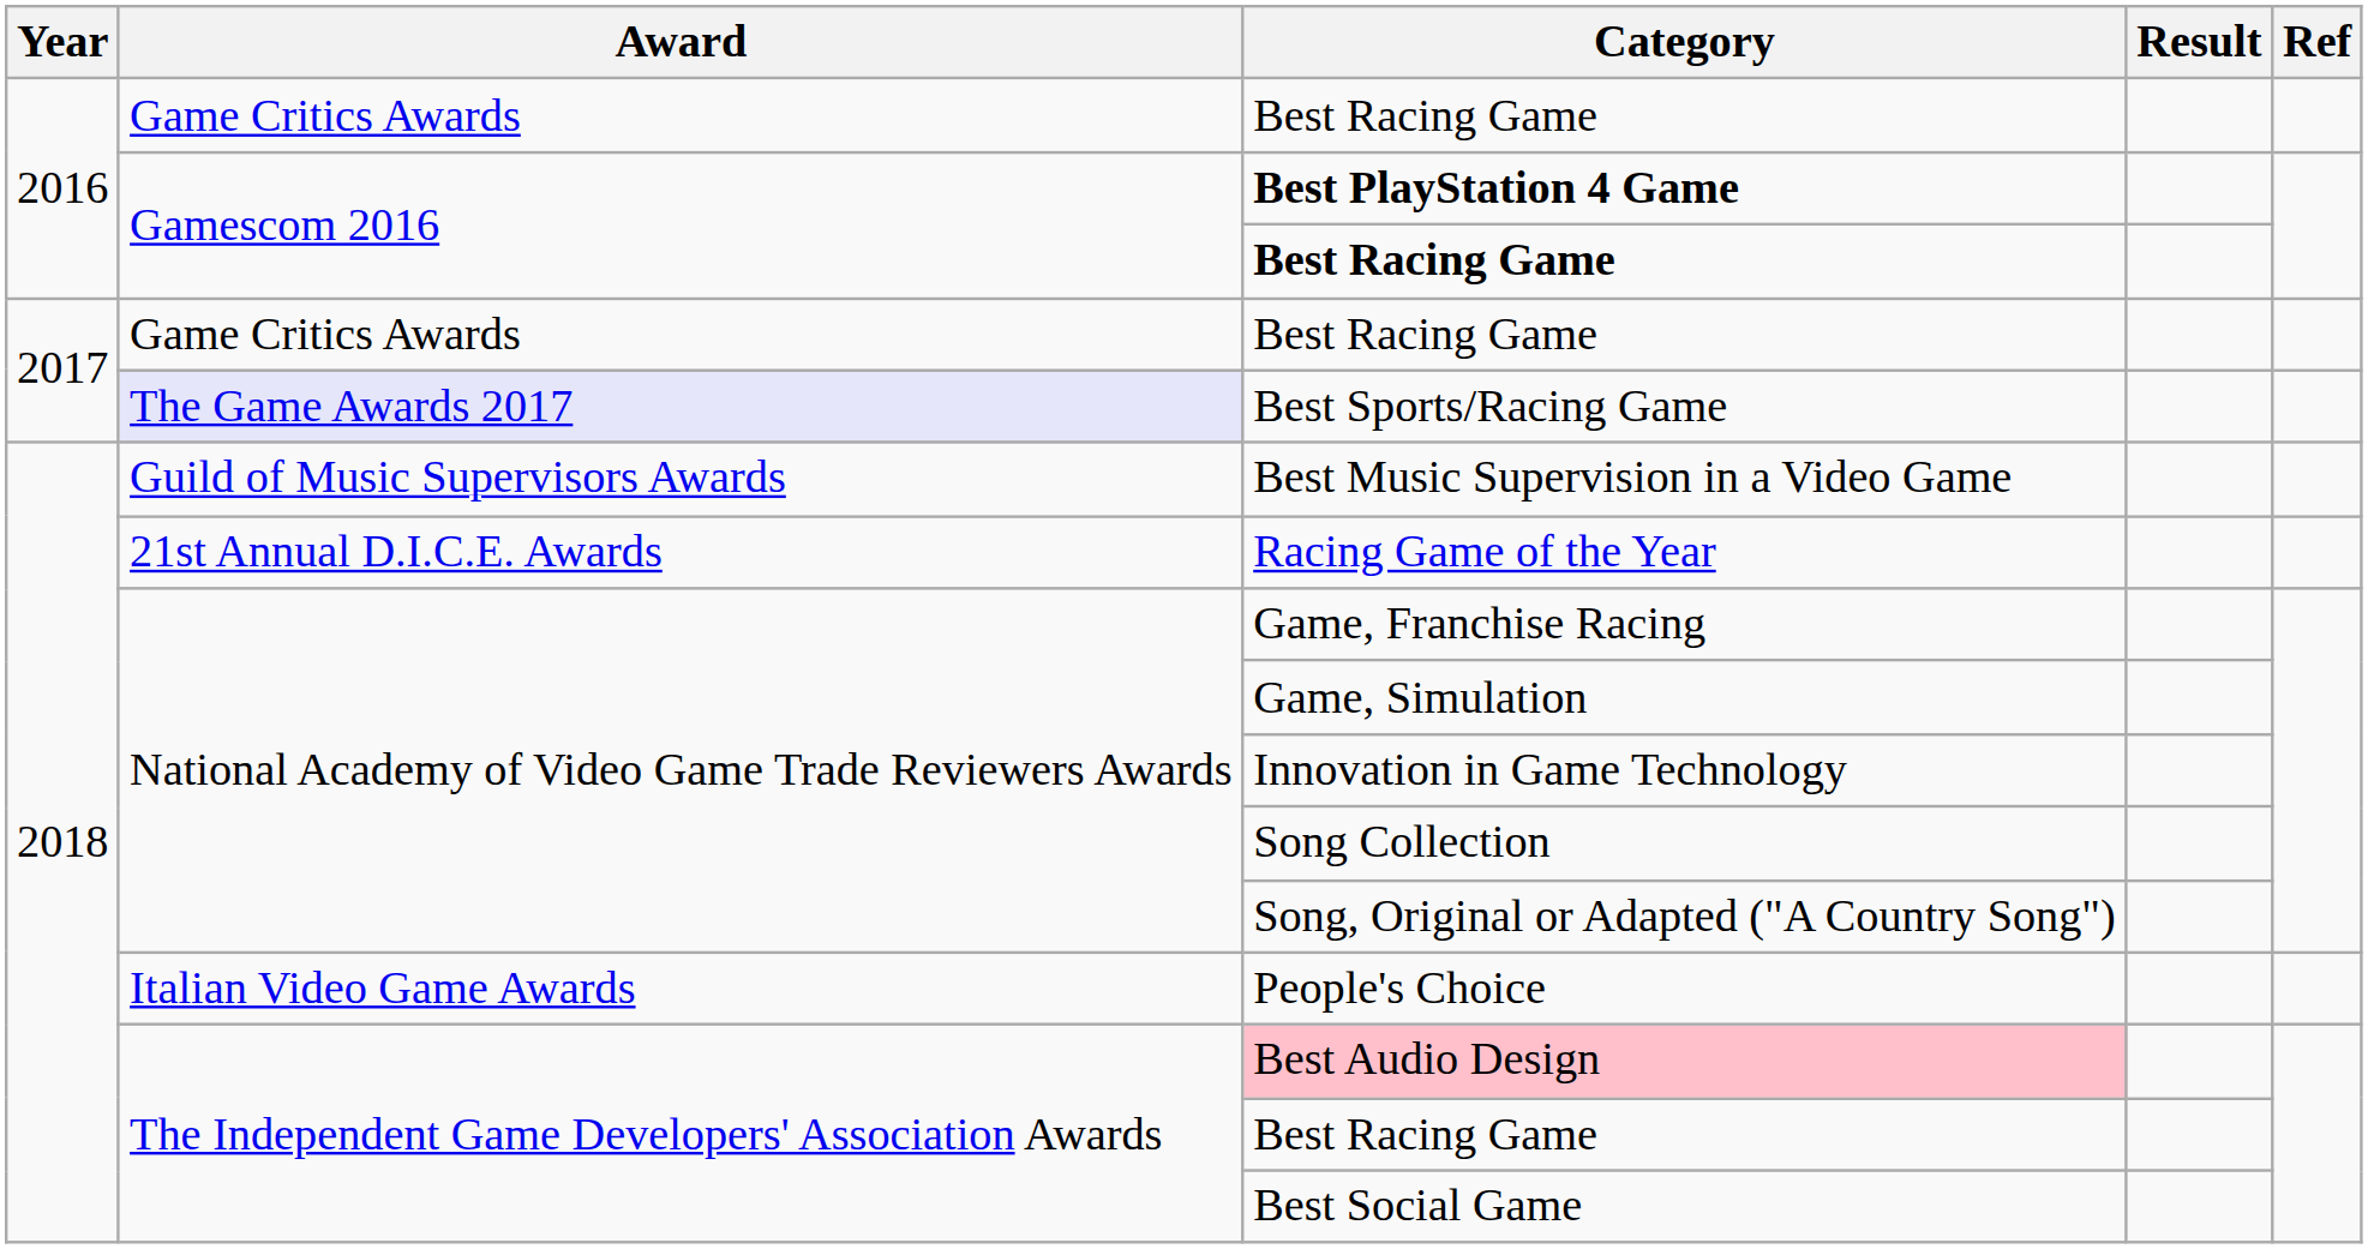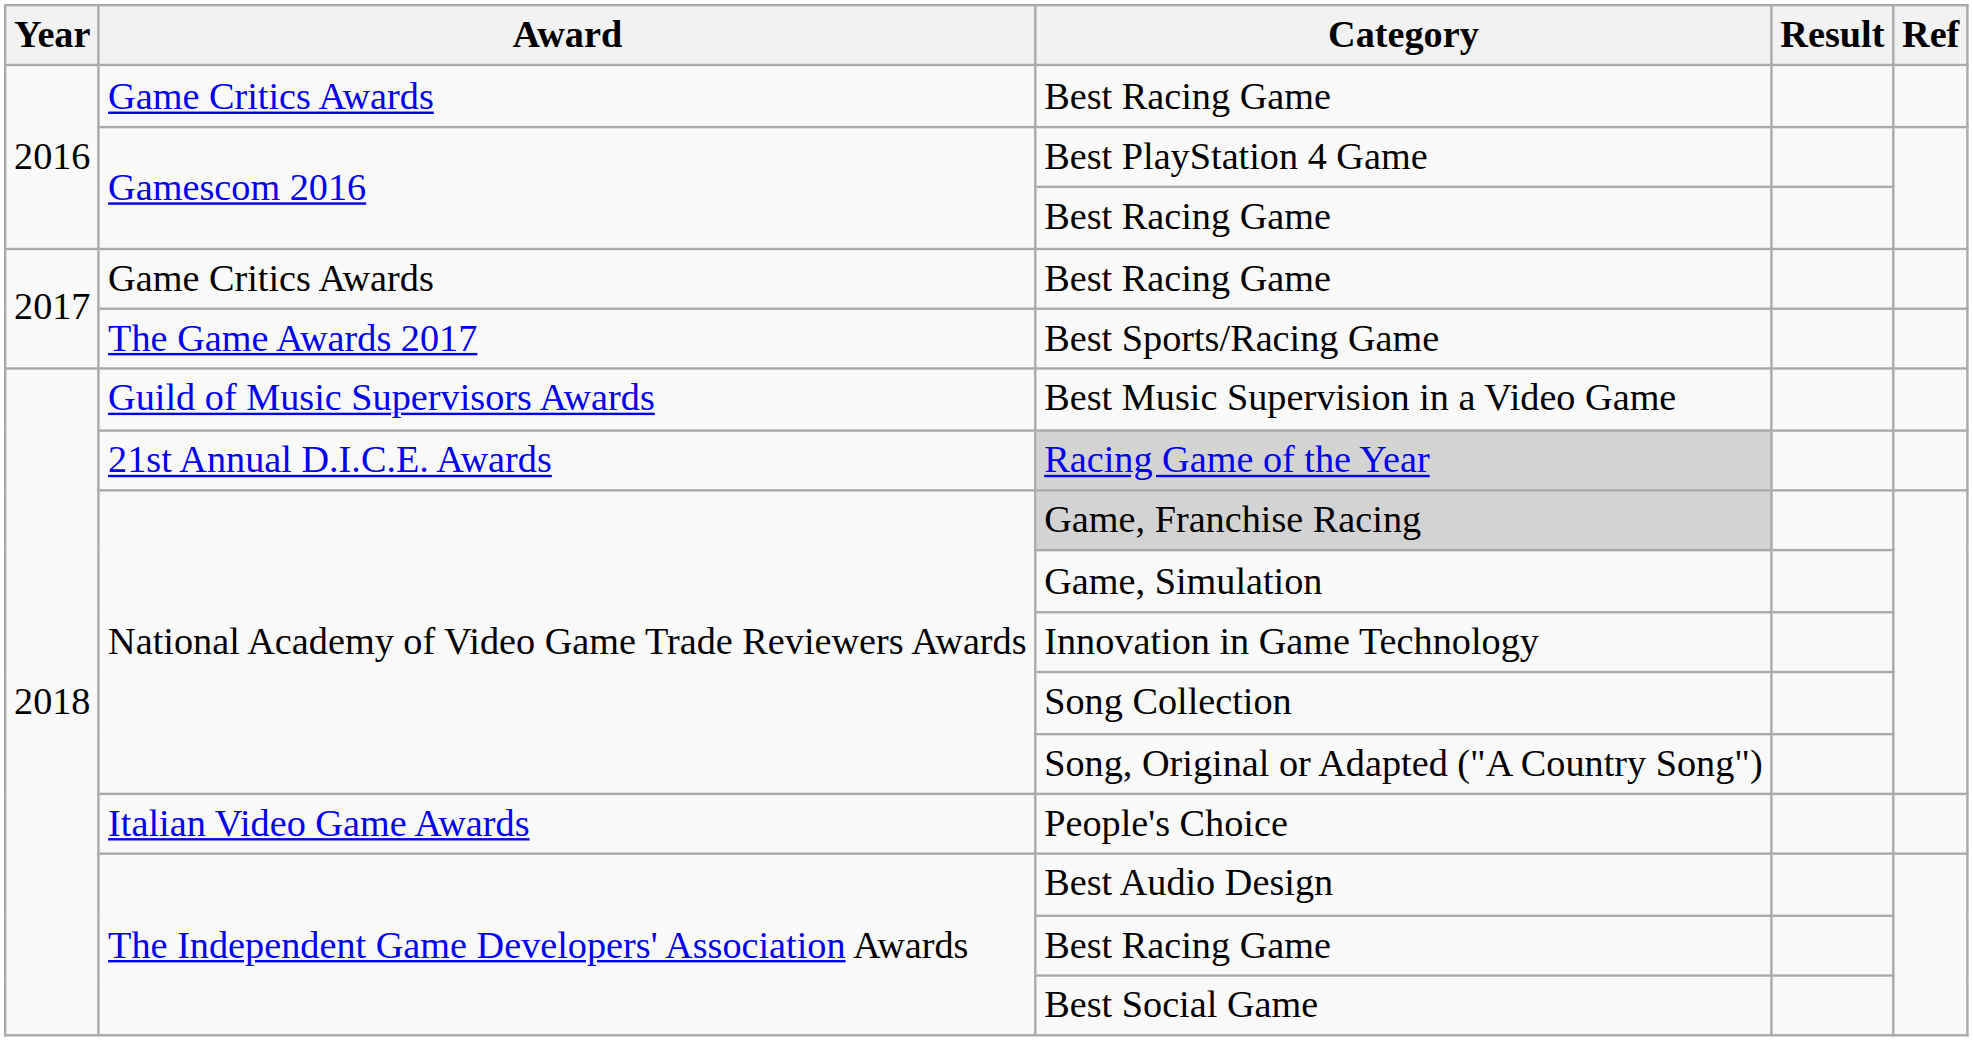 <table class="wikitable sortable">
 <tr>
 <th>Year</th>
 <th>Award</th>
 <th>Category</th>
 <th>Result</th>
 <th>Ref</th>
 </tr>
 <tr>
 <td style="text-align:center;" rowspan="3">2016</td>
 <td rowspan="1"><a href='#'>Game Critics Awards</a></td>
 <td>Best Racing Game</td>
 <td></td>
 <td rowspan="1" style="text-align:center;"></td>
 </tr>
 <tr>
 <td rowspan="2"><a href='#'>Gamescom 2016</a></td>
-<td><strong>Best PlayStation 4 Game</strong></td>
+<td>Best PlayStation 4 Game</td>
 <td></td>
 <td rowspan="2" style="text-align:center;"></td>
 </tr>
 <tr>
-<td><strong>Best Racing Game</strong></td>
+<td>Best Racing Game</td>
 <td></td>
 </tr>
 <tr>
 <td style="text-align:center;" rowspan="2">2017</td>
 <td rowspan="1">Game Critics Awards</td>
 <td>Best Racing Game</td>
 <td></td>
 <td rowspan="1" style="text-align:center;"></td>
 </tr>
 <tr>
-<td rowspan="1" style="background: lavender;"><a href='#'>The Game Awards 2017</a></td>
+<td rowspan="1"><a href='#'>The Game Awards 2017</a></td>
 <td>Best Sports/Racing Game</td>
 <td></td>
 <td rowspan="1" style="text-align:center;"></td>
 </tr>
 <tr>
 <td style="text-align:center;" rowspan="11">2018</td>
 <td rowspan="1"><a href='#'>Guild of Music Supervisors Awards</a></td>
 <td>Best Music Supervision in a Video Game</td>
 <td></td>
 <td rowspan="1" style="text-align:center;"></td>
 </tr>
 <tr>
 <td rowspan="1"><a href='#'>21st Annual D.I.C.E. Awards</a></td>
-<td><a href='#'>Racing Game of the Year</a></td>
+<td style="background: lightgrey;"><a href='#'>Racing Game of the Year</a></td>
 <td></td>
 <td rowspan="1" style="text-align:center;"></td>
 </tr>
 <tr>
 <td rowspan="5">National Academy of Video Game Trade Reviewers Awards</td>
-<td>Game, Franchise Racing</td>
+<td style="background: lightgrey;">Game, Franchise Racing</td>
 <td></td>
 <td rowspan="5" style="text-align:center;"></td>
 </tr>
 <tr>
 <td>Game, Simulation</td>
 <td></td>
 </tr>
 <tr>
 <td>Innovation in Game Technology</td>
 <td></td>
 </tr>
 <tr>
 <td>Song Collection</td>
 <td></td>
 </tr>
 <tr>
 <td>Song, Original or Adapted ("A Country Song")</td>
 <td></td>
 </tr>
 <tr>
 <td rowspan="1"><a href='#'>Italian Video Game Awards</a></td>
 <td>People's Choice</td>
 <td></td>
 <td rowspan="1" style="text-align:center;"></td>
 </tr>
 <tr>
 <td rowspan="3"><a href='#'>The Independent Game Developers' Association</a> Awards</td>
-<td style="background: pink;">Best Audio Design</td>
+<td>Best Audio Design</td>
 <td></td>
 <td rowspan="3" style="text-align:center;"></td>
 </tr>
 <tr>
 <td>Best Racing Game</td>
 <td></td>
 </tr>
 <tr>
 <td>Best Social Game</td>
 <td></td>
 </tr>
 </table>
